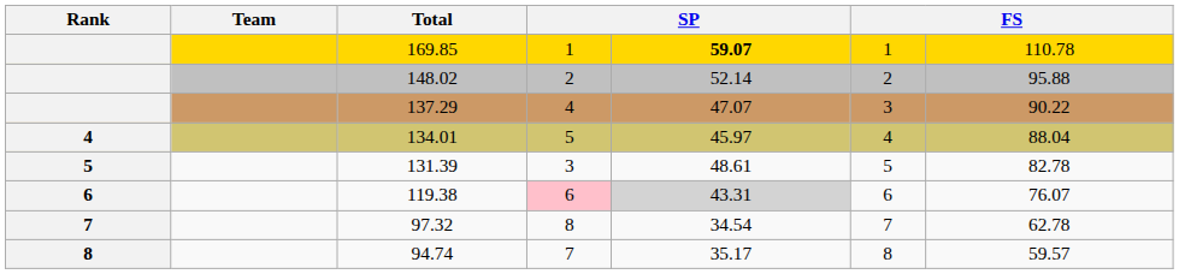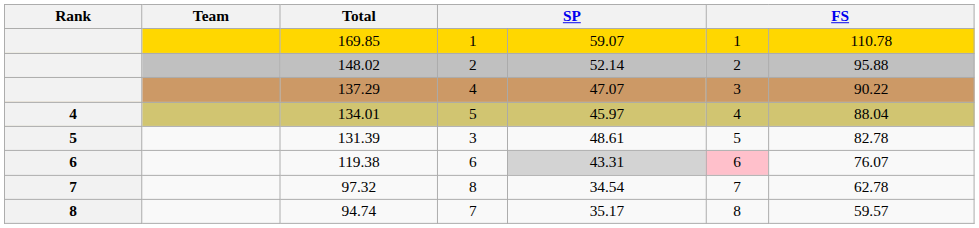 <table class="wikitable sortable" style="text-align:left; width:80%">
 <tr>
 <th scope="col">Rank</th>
 <th scope="col">Team</th>
 <th scope="col">Total</th>
 <th scope="col" colspan="2" width="80px"><a href='#'>SP</a></th>
 <th scope="col" colspan="2" width="80px"><a href='#'>FS</a></th>
 </tr>
 <tr bgcolor="gold">
 <th scope="row"></th>
 <td></td>
 <td align="center">169.85</td>
 <td align="center">1</td>
-<td align="center"><strong>59.07</strong></td>
+<td align="center">59.07</td>
 <td align="center">1</td>
 <td align="center">110.78</td>
 </tr>
 <tr bgcolor="silver">
 <th scope="row"></th>
 <td></td>
 <td align="center">148.02</td>
 <td align="center">2</td>
 <td align="center">52.14</td>
 <td align="center">2</td>
 <td align="center">95.88</td>
 </tr>
 <tr bgcolor="cc9966">
 <th scope="row"></th>
 <td></td>
 <td align="center">137.29</td>
 <td align="center">4</td>
 <td align="center">47.07</td>
 <td align="center">3</td>
 <td align="center">90.22</td>
 </tr>
 <tr bgcolor="#d1c571">
 <th scope="row">4</th>
 <td></td>
 <td align="center">134.01</td>
 <td align="center">5</td>
 <td align="center">45.97</td>
 <td align="center">4</td>
 <td align="center">88.04</td>
 </tr>
 <tr>
 <th scope="row">5</th>
 <td></td>
 <td align="center">131.39</td>
 <td align="center">3</td>
 <td align="center">48.61</td>
 <td align="center">5</td>
 <td align="center">82.78</td>
 </tr>
 <tr>
 <th scope="row">6</th>
 <td></td>
 <td align="center">119.38</td>
+<td align="center">6</td>
+<td align="center" style="background: lightgrey;">43.31</td>
 <td align="center" style="background: pink;">6</td>
-<td align="center" style="background: lightgrey;">43.31</td>
-<td align="center">6</td>
 <td align="center">76.07</td>
 </tr>
 <tr>
 <th scope="row">7</th>
 <td></td>
 <td align="center">97.32</td>
 <td align="center">8</td>
 <td align="center">34.54</td>
 <td align="center">7</td>
 <td align="center">62.78</td>
 </tr>
 <tr>
 <th scope="row">8</th>
 <td></td>
 <td align="center">94.74</td>
 <td align="center">7</td>
 <td align="center">35.17</td>
 <td align="center">8</td>
 <td align="center">59.57</td>
 </tr>
 </table>
